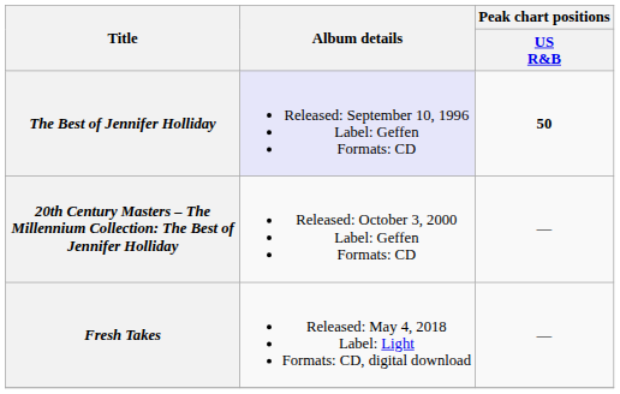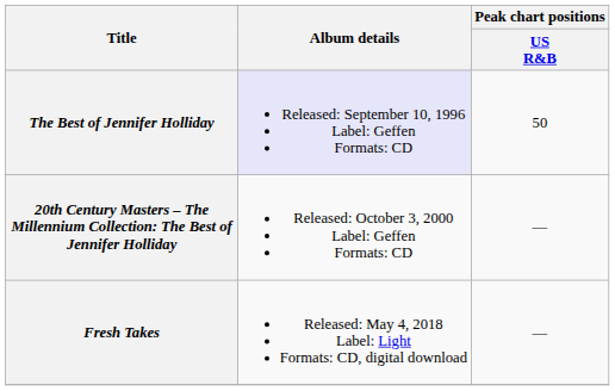 <table class="wikitable plainrowheaders" style="text-align:center;" border="1">
 <tr>
 <th scope="col" rowspan="2" style="width:15em;">Title</th>
 <th scope="col" rowspan="2" style="width:15em;">Album details</th>
 <th scope="col" colspan="4">Peak chart positions</th>
 </tr>
 <tr>
 <th scope="col"><a href='#'>US<br>R&B</a><br></th>
 </tr>
 <tr>
 <th scope="row"><em>The Best of Jennifer Holliday</em></th>
 <td style="background: lavender;"><br><ul><li>Released: September 10, 1996</li><li>Label: Geffen</li><li>Formats: CD</li></ul></td>
-<td><strong>50</strong></td>
+<td>50</td>
 </tr>
 <tr>
 <th scope="row"><em>20th Century Masters – The Millennium Collection: The Best of Jennifer Holliday</em></th>
 <td><br><ul><li>Released: October 3, 2000</li><li>Label: Geffen</li><li>Formats: CD</li></ul></td>
 <td>—</td>
 </tr>
 <tr>
 <th scope="row"><em>Fresh Takes</em></th>
 <td><br><ul><li>Released: May 4, 2018</li><li>Label: <a href='#'>Light</a></li><li>Formats: CD, digital download</li></ul></td>
 <td>—</td>
 </tr>
 <tr>
 </tr>
 </table>
